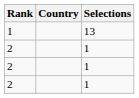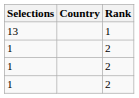 <table class="wikitable">
 <tr>
+<th>Selections</th>
+<th>Country</th>
 <th>Rank</th>
-<th>Country</th>
-<th>Selections</th>
+</tr>
+<tr>
+<td>13</td>
+<td></td>
+<td>1</td>
 </tr>
 <tr>
 <td>1</td>
 <td></td>
-<td>13</td>
+<td>2</td>
 </tr>
 <tr>
+<td>1</td>
+<td></td>
 <td>2</td>
-<td></td>
-<td>1</td>
 </tr>
 <tr>
+<td>1</td>
+<td></td>
 <td>2</td>
-<td></td>
-<td>1</td>
-</tr>
-<tr>
-<td>2</td>
-<td></td>
-<td>1</td>
 </tr>
 </table>
